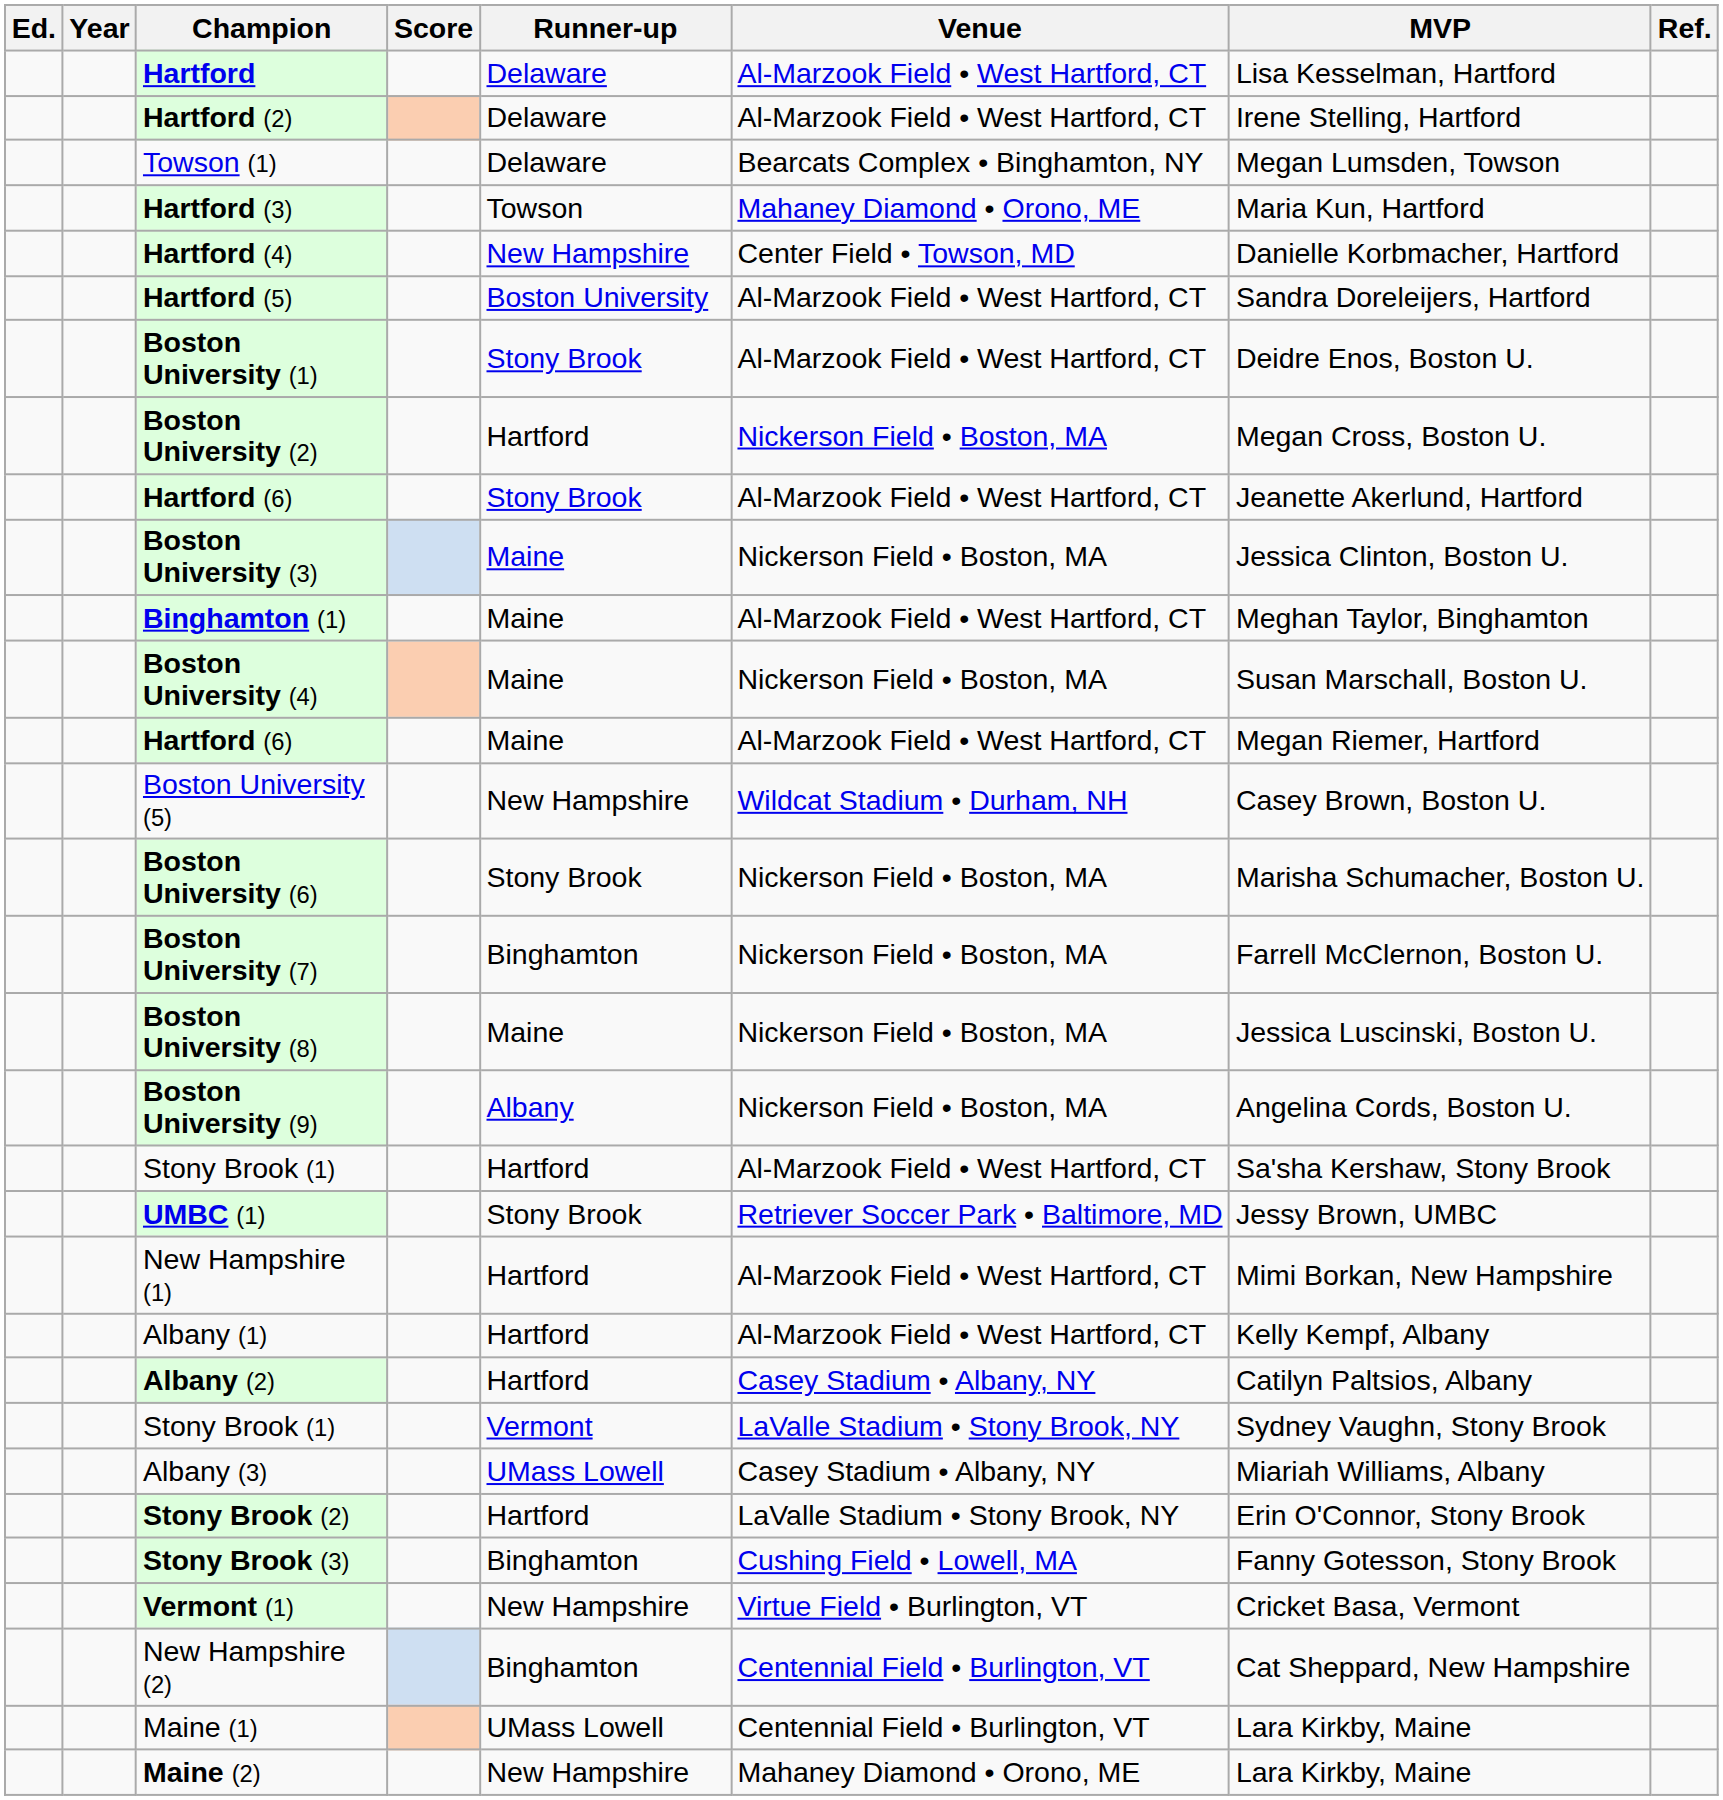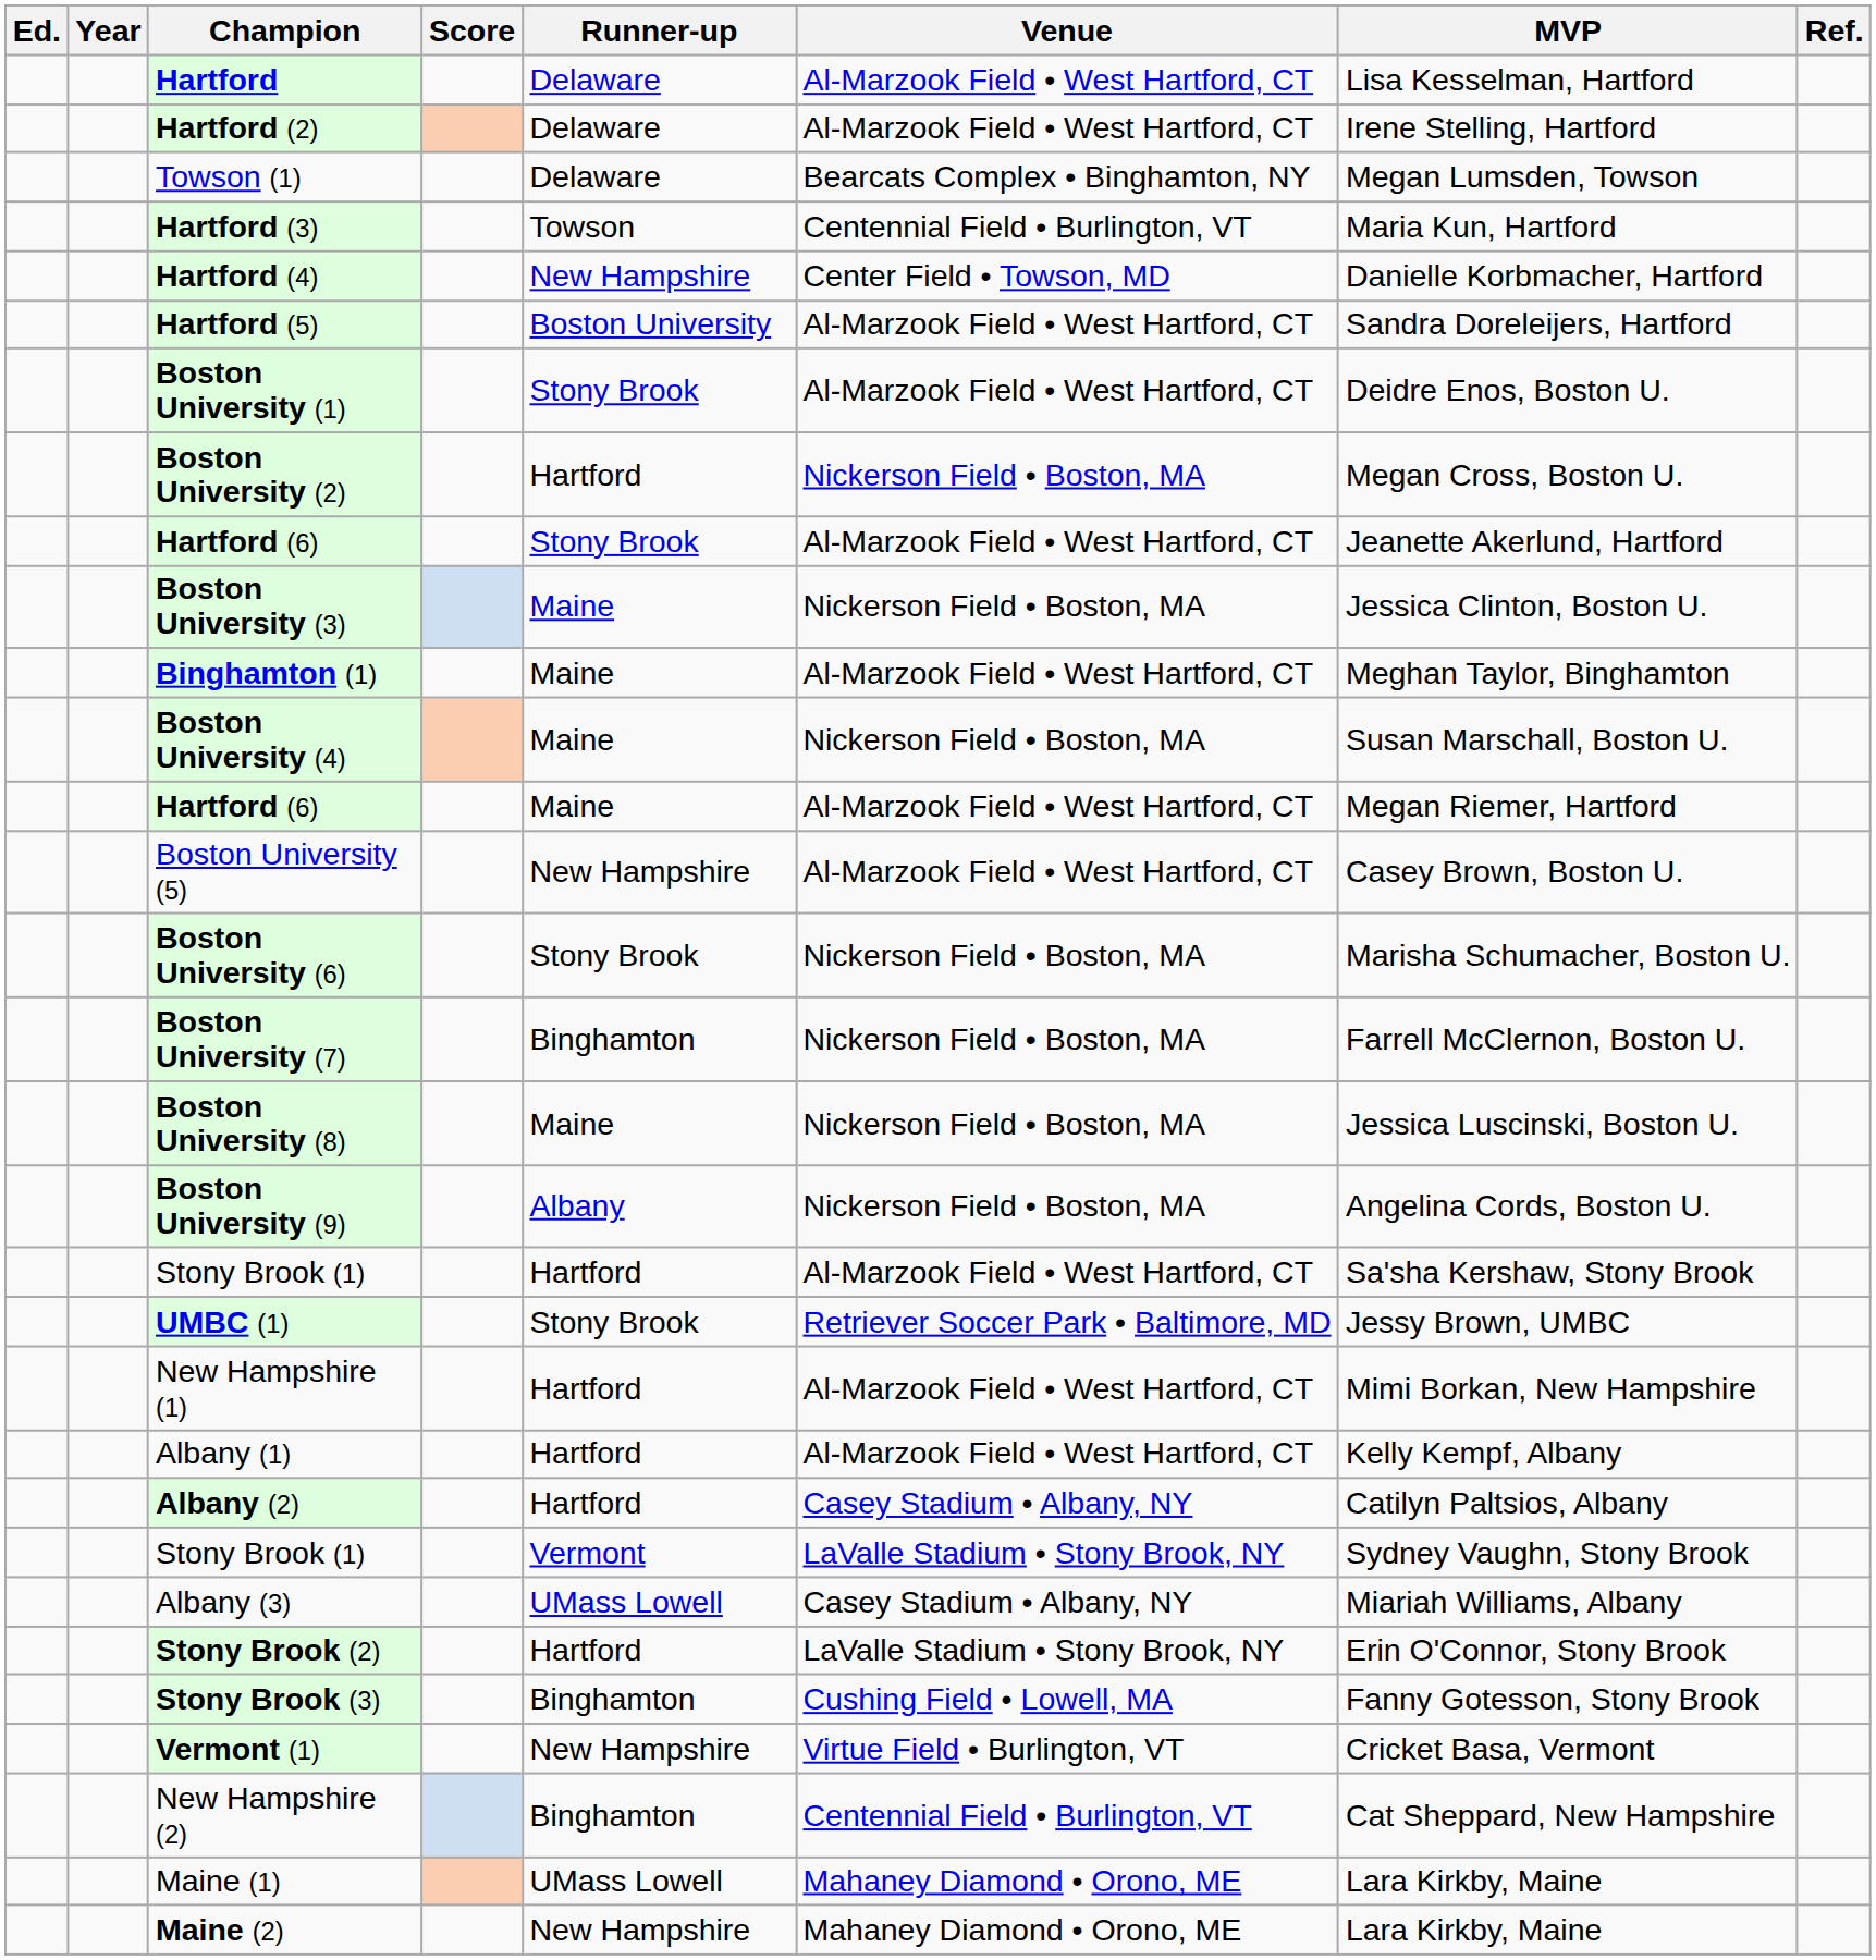 <table class="wikitable sortable" style="text-align: ; font-size:90%">
 <tr>
 <th width=px>Ed.</th>
 <th width=px>Year</th>
 <th width=120px>Champion</th>
 <th width=px>Score</th>
 <th width=120px>Runner-up</th>
 <th width=px>Venue</th>
 <th width=px>MVP</th>
 <th width=px>Ref.</th>
 </tr>
 <tr>
 <td></td>
 <td></td>
 <td style=background:#ddffdd><strong><a href='#'>Hartford</a></strong> </td>
 <td></td>
 <td><a href='#'>Delaware</a></td>
 <td><a href='#'>Al-Marzook Field</a> • <a href='#'>West Hartford, CT</a></td>
 <td>Lisa Kesselman, Hartford</td>
 <td></td>
 </tr>
 <tr>
 <td></td>
 <td></td>
 <td style=background:#ddffdd><strong>Hartford</strong> <small>(2)</small></td>
 <td style="background-color:#FBCEB1"></td>
 <td>Delaware</td>
 <td>Al-Marzook Field • West Hartford, CT</td>
 <td>Irene Stelling, Hartford</td>
 <td></td>
 </tr>
 <tr>
 <td></td>
 <td></td>
 <td><a href='#'>Towson</a> <small>(1)</small></td>
 <td></td>
 <td>Delaware</td>
 <td>Bearcats Complex • Binghamton, NY</td>
 <td>Megan Lumsden, Towson</td>
 <td></td>
 </tr>
 <tr>
 <td></td>
 <td></td>
 <td style=background:#ddffdd><strong>Hartford</strong> <small>(3)</small></td>
 <td></td>
 <td>Towson</td>
-<td><a href='#'>Mahaney Diamond</a> • <a href='#'>Orono, ME</a></td>
+<td>Centennial Field • Burlington, VT</td>
 <td>Maria Kun, Hartford</td>
 <td></td>
 </tr>
 <tr>
 <td></td>
 <td></td>
 <td style=background:#ddffdd><strong>Hartford</strong> <small>(4)</small></td>
 <td></td>
 <td><a href='#'>New Hampshire</a></td>
 <td>Center Field • <a href='#'>Towson, MD</a></td>
 <td>Danielle Korbmacher, Hartford</td>
 <td></td>
 </tr>
 <tr>
 <td></td>
 <td></td>
 <td style=background:#ddffdd><strong>Hartford</strong> <small>(5)</small></td>
 <td></td>
 <td><a href='#'>Boston University</a></td>
 <td>Al-Marzook Field • West Hartford, CT</td>
 <td>Sandra Doreleijers, Hartford</td>
 <td></td>
 </tr>
 <tr>
 <td></td>
 <td></td>
 <td style=background:#ddffdd><strong>Boston University</strong> <small>(1)</small></td>
 <td></td>
 <td><a href='#'>Stony Brook</a></td>
 <td>Al-Marzook Field • West Hartford, CT</td>
 <td>Deidre Enos, Boston U.</td>
 <td></td>
 </tr>
 <tr>
 <td></td>
 <td></td>
 <td style=background:#ddffdd><strong>Boston University</strong> <small>(2)</small></td>
 <td></td>
 <td>Hartford</td>
 <td><a href='#'>Nickerson Field</a> • <a href='#'>Boston, MA</a></td>
 <td>Megan Cross, Boston U.</td>
 <td></td>
 </tr>
 <tr>
 <td></td>
 <td></td>
 <td style=background:#ddffdd><strong>Hartford</strong> <small>(6)</small></td>
 <td></td>
 <td><a href='#'>Stony Brook</a></td>
 <td>Al-Marzook Field • West Hartford, CT</td>
 <td>Jeanette Akerlund, Hartford</td>
 <td></td>
 </tr>
 <tr>
 <td></td>
 <td></td>
 <td style=background:#ddffdd><strong>Boston University</strong> <small>(3)</small></td>
 <td style="background-color:#cedff2"></td>
 <td><a href='#'>Maine</a></td>
 <td>Nickerson Field • Boston, MA</td>
 <td>Jessica Clinton, Boston U.</td>
 <td></td>
 </tr>
 <tr>
 <td></td>
 <td></td>
 <td style=background:#ddffdd><strong><a href='#'>Binghamton</a></strong> <small>(1)</small></td>
 <td></td>
 <td>Maine</td>
 <td>Al-Marzook Field • West Hartford, CT</td>
 <td>Meghan Taylor, Binghamton</td>
 <td></td>
 </tr>
 <tr>
 <td></td>
 <td></td>
 <td style=background:#ddffdd><strong>Boston University</strong> <small>(4)</small></td>
 <td style="background-color:#FBCEB1"></td>
 <td>Maine</td>
 <td>Nickerson Field • Boston, MA</td>
 <td>Susan Marschall, Boston U.</td>
 <td></td>
 </tr>
 <tr>
 <td></td>
 <td></td>
 <td style=background:#ddffdd><strong>Hartford</strong> <small>(6)</small></td>
 <td></td>
 <td>Maine</td>
 <td>Al-Marzook Field • West Hartford, CT</td>
 <td>Megan Riemer, Hartford</td>
 <td></td>
 </tr>
 <tr>
 <td></td>
 <td></td>
 <td><a href='#'>Boston University</a> <small>(5)</small></td>
 <td></td>
 <td>New Hampshire</td>
-<td><a href='#'>Wildcat Stadium</a> • <a href='#'>Durham, NH</a></td>
+<td>Al-Marzook Field • West Hartford, CT</td>
 <td>Casey Brown, Boston U.</td>
 <td></td>
 </tr>
 <tr>
 <td></td>
 <td></td>
 <td style=background:#ddffdd><strong>Boston University</strong> <small>(6)</small></td>
 <td></td>
 <td>Stony Brook</td>
 <td>Nickerson Field • Boston, MA</td>
 <td>Marisha Schumacher, Boston U.</td>
 <td></td>
 </tr>
 <tr>
 <td></td>
 <td></td>
 <td style=background:#ddffdd><strong>Boston University</strong> <small>(7)</small></td>
 <td></td>
 <td>Binghamton</td>
 <td>Nickerson Field • Boston, MA</td>
 <td>Farrell McClernon, Boston U.</td>
 <td></td>
 </tr>
 <tr>
 <td></td>
 <td></td>
 <td style=background:#ddffdd><strong>Boston University</strong> <small>(8)</small></td>
 <td></td>
 <td>Maine</td>
 <td>Nickerson Field • Boston, MA</td>
 <td>Jessica Luscinski, Boston U.</td>
 <td></td>
 </tr>
 <tr>
 <td></td>
 <td></td>
 <td style=background:#ddffdd><strong>Boston University</strong> <small>(9)</small></td>
 <td></td>
 <td><a href='#'>Albany</a></td>
 <td>Nickerson Field • Boston, MA</td>
 <td>Angelina Cords, Boston U.</td>
 <td></td>
 </tr>
 <tr>
 <td></td>
 <td></td>
 <td>Stony Brook <small>(1)</small></td>
 <td></td>
 <td>Hartford</td>
 <td>Al-Marzook Field • West Hartford, CT</td>
 <td>Sa'sha Kershaw, Stony Brook</td>
 <td></td>
 </tr>
 <tr>
 <td></td>
 <td></td>
 <td style=background:#ddffdd><strong><a href='#'>UMBC</a></strong> <small>(1)</small></td>
 <td></td>
 <td>Stony Brook</td>
 <td><a href='#'>Retriever Soccer Park</a> • <a href='#'>Baltimore, MD</a></td>
 <td>Jessy Brown, UMBC</td>
 <td></td>
 </tr>
 <tr>
 <td></td>
 <td></td>
 <td>New Hampshire <small>(1)</small></td>
 <td></td>
 <td>Hartford</td>
 <td>Al-Marzook Field • West Hartford, CT</td>
 <td>Mimi Borkan, New Hampshire</td>
 <td></td>
 </tr>
 <tr>
 <td></td>
 <td></td>
 <td>Albany <small>(1)</small></td>
 <td></td>
 <td>Hartford</td>
 <td>Al-Marzook Field • West Hartford, CT</td>
 <td>Kelly Kempf, Albany</td>
 <td></td>
 </tr>
 <tr>
 <td></td>
 <td></td>
 <td style=background:#ddffdd><strong>Albany</strong> <small>(2)</small></td>
 <td></td>
 <td>Hartford</td>
 <td><a href='#'>Casey Stadium</a> • <a href='#'>Albany, NY</a></td>
 <td>Catilyn Paltsios, Albany</td>
 <td></td>
 </tr>
 <tr>
 <td></td>
 <td></td>
 <td>Stony Brook <small>(1)</small></td>
 <td></td>
 <td><a href='#'>Vermont</a></td>
 <td><a href='#'>LaValle Stadium</a> • <a href='#'>Stony Brook, NY</a></td>
 <td>Sydney Vaughn, Stony Brook</td>
 <td></td>
 </tr>
 <tr>
 <td></td>
 <td></td>
 <td>Albany <small>(3)</small></td>
 <td></td>
 <td><a href='#'>UMass Lowell</a></td>
 <td>Casey Stadium • Albany, NY</td>
 <td>Miariah Williams, Albany</td>
 <td></td>
 </tr>
 <tr>
 <td></td>
 <td></td>
 <td style=background:#ddffdd><strong>Stony Brook</strong> <small>(2)</small></td>
 <td></td>
 <td>Hartford</td>
 <td>LaValle Stadium • Stony Brook, NY</td>
 <td>Erin O'Connor, Stony Brook</td>
 <td></td>
 </tr>
 <tr>
 <td></td>
 <td></td>
 <td style=background:#ddffdd><strong>Stony Brook</strong> <small>(3)</small></td>
 <td></td>
 <td>Binghamton</td>
 <td><a href='#'>Cushing Field</a> • <a href='#'>Lowell, MA</a></td>
 <td>Fanny Gotesson, Stony Brook</td>
 <td></td>
 </tr>
 <tr>
 <td></td>
 <td></td>
 <td style=background:#ddffdd><strong>Vermont</strong> <small>(1)</small></td>
 <td></td>
 <td>New Hampshire</td>
 <td><a href='#'>Virtue Field</a> • Burlington, VT</td>
 <td>Cricket Basa, Vermont</td>
 <td></td>
 </tr>
 <tr>
 <td></td>
 <td></td>
 <td>New Hampshire <small>(2)</small></td>
 <td style="background-color:#cedff2"></td>
 <td>Binghamton</td>
 <td><a href='#'>Centennial Field</a> • <a href='#'>Burlington, VT</a></td>
 <td>Cat Sheppard, New Hampshire</td>
 <td></td>
 </tr>
 <tr>
 <td></td>
 <td></td>
 <td>Maine <small>(1)</small></td>
 <td style="background-color:#FBCEB1"></td>
 <td>UMass Lowell</td>
-<td>Centennial Field • Burlington, VT</td>
+<td><a href='#'>Mahaney Diamond</a> • <a href='#'>Orono, ME</a></td>
 <td>Lara Kirkby, Maine</td>
 <td></td>
 </tr>
 <tr>
 <td></td>
 <td></td>
 <td><strong>Maine</strong> <small>(2)</small></td>
 <td></td>
 <td>New Hampshire</td>
 <td>Mahaney Diamond • Orono, ME</td>
 <td>Lara Kirkby, Maine</td>
 <td></td>
 </tr>
 </table>
